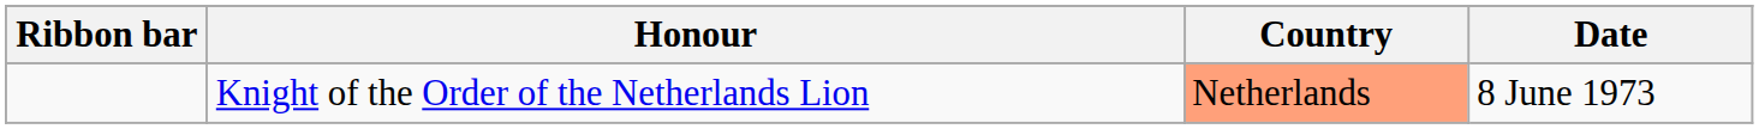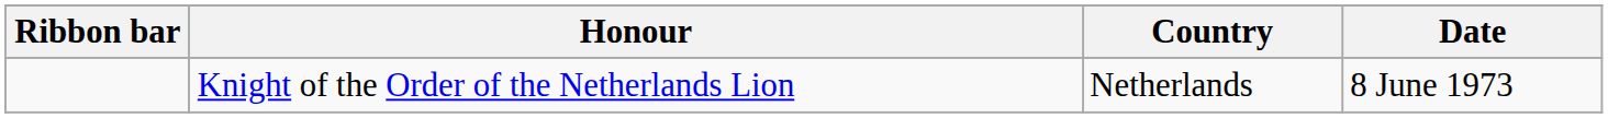 <table class="wikitable" style="width:60%;">
 <tr style="background:#ccf; text-align:center;">
 </tr>
 <tr>
 <th style="width:80px;">Ribbon bar</th>
 <th>Honour</th>
 <th>Country</th>
 <th>Date</th>
 </tr>
 <tr>
 <td></td>
 <td><a href='#'>Knight</a> of the <a href='#'>Order of the Netherlands Lion</a></td>
-<td style="background: lightsalmon;">Netherlands</td>
+<td>Netherlands</td>
 <td>8 June 1973</td>
 </tr>
 </table>
